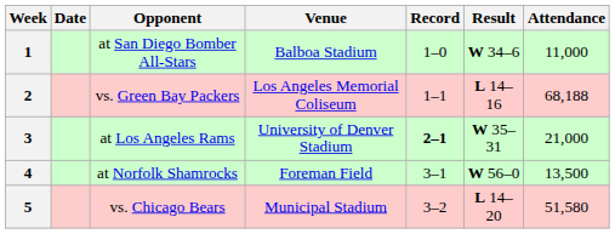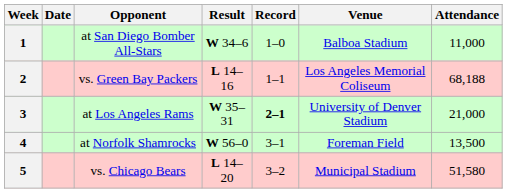 <table class="wikitable" style="text-align:center">
 <tr>
 <th>Week</th>
 <th>Date</th>
 <th>Opponent</th>
+<th>Result</th>
+<th>Record</th>
 <th>Venue</th>
-<th>Record</th>
-<th>Result</th>
 <th>Attendance</th>
 </tr>
 <tr style="background:#cfc;">
 <th>1</th>
 <td></td>
 <td>at <a href='#'>San Diego Bomber All-Stars</a> </td>
+<td><strong>W</strong> 34–6</td>
+<td>1–0</td>
 <td><a href='#'>Balboa Stadium</a></td>
-<td>1–0</td>
-<td><strong>W</strong> 34–6</td>
 <td>11,000</td>
 </tr>
 <tr style="background:#fcc;">
 <th>2</th>
 <td></td>
 <td>vs. <a href='#'>Green Bay Packers</a></td>
+<td><strong>L</strong> 14–16</td>
+<td>1–1</td>
 <td><a href='#'>Los Angeles Memorial Coliseum</a></td>
-<td>1–1</td>
-<td><strong>L</strong> 14–16</td>
 <td>68,188</td>
 </tr>
 <tr style="background:#cfc;">
 <th>3</th>
 <td></td>
 <td>at <a href='#'>Los Angeles Rams</a></td>
+<td><strong>W</strong> 35–31</td>
+<td><strong>2–1</strong></td>
 <td><a href='#'>University of Denver Stadium</a> </td>
-<td><strong>2–1</strong></td>
-<td><strong>W</strong> 35–31</td>
 <td>21,000</td>
 </tr>
 <tr style="background:#cfc;">
 <th>4</th>
 <td></td>
 <td>at <a href='#'>Norfolk Shamrocks</a> </td>
+<td><strong>W</strong> 56–0</td>
+<td>3–1</td>
 <td><a href='#'>Foreman Field</a></td>
-<td>3–1</td>
-<td><strong>W</strong> 56–0</td>
 <td>13,500</td>
 </tr>
 <tr style="background:#fcc;">
 <th>5</th>
 <td></td>
 <td>vs. <a href='#'>Chicago Bears</a></td>
+<td><strong>L</strong> 14–20</td>
+<td>3–2</td>
 <td><a href='#'>Municipal Stadium</a> </td>
-<td>3–2</td>
-<td><strong>L</strong> 14–20</td>
 <td>51,580</td>
 </tr>
 </table>
